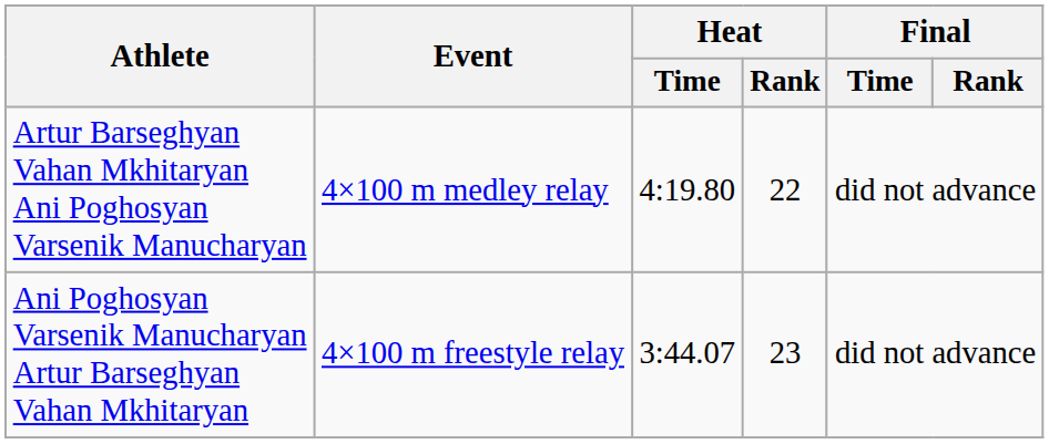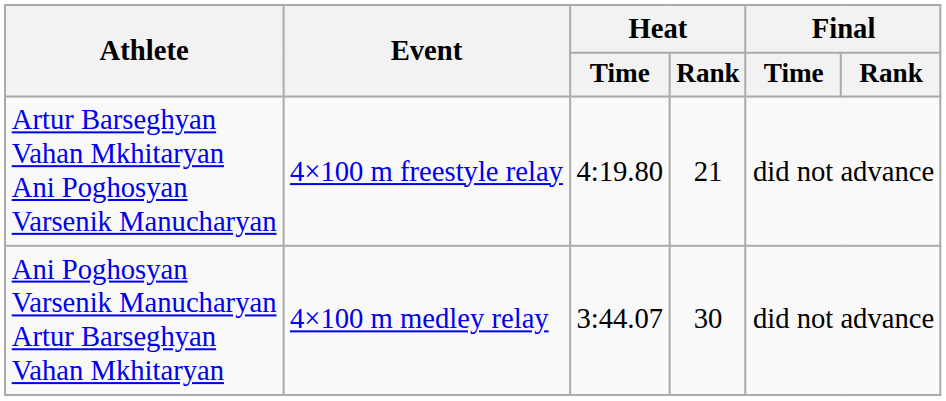 <table class="wikitable" style="text-align:center; font-size:90%">
 <tr>
 <th rowspan=2>Athlete</th>
 <th rowspan=2>Event</th>
 <th colspan=2>Heat</th>
 <th colspan=2>Final</th>
 </tr>
 <tr style="font-size:95%">
 <th>Time</th>
 <th>Rank</th>
 <th>Time</th>
 <th>Rank</th>
 </tr>
 <tr>
 <td align=left><a href='#'>Artur Barseghyan</a><br><a href='#'>Vahan Mkhitaryan</a><br><a href='#'>Ani Poghosyan</a><br><a href='#'>Varsenik Manucharyan</a></td>
-<td align=left><a href='#'>4×100 m medley relay</a></td>
+<td align=left><a href='#'>4×100 m freestyle relay</a></td>
 <td>4:19.80</td>
-<td>22</td>
+<td>21</td>
 <td colspan=2>did not advance</td>
 </tr>
 <tr>
 <td align=left><a href='#'>Ani Poghosyan</a><br><a href='#'>Varsenik Manucharyan</a><br><a href='#'>Artur Barseghyan</a><br><a href='#'>Vahan Mkhitaryan</a></td>
-<td align=left><a href='#'>4×100 m freestyle relay</a></td>
+<td align=left><a href='#'>4×100 m medley relay</a></td>
 <td>3:44.07</td>
-<td>23</td>
+<td>30</td>
 <td colspan=2>did not advance</td>
 </tr>
 </table>
